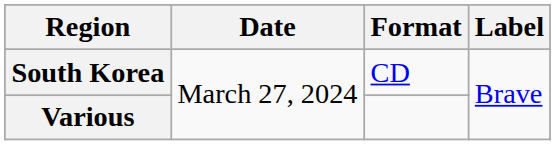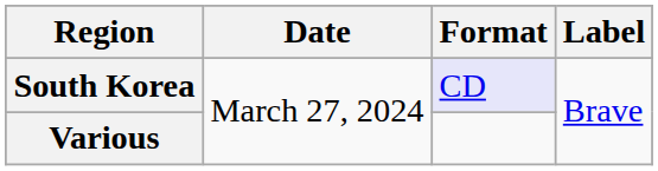 <table class="wikitable plainrowheaders">
 <tr>
 <th scope="col">Region</th>
 <th scope="col">Date</th>
 <th scope="col">Format</th>
 <th scope="col">Label</th>
 </tr>
 <tr>
 <th scope="row">South Korea</th>
 <td rowspan="2">March 27, 2024</td>
-<td><a href='#'>CD</a></td>
+<td style="background: lavender;"><a href='#'>CD</a></td>
 <td rowspan="2"><a href='#'>Brave</a></td>
 </tr>
 <tr>
 <th scope="row">Various </th>
 <td></td>
 </tr>
 </table>
